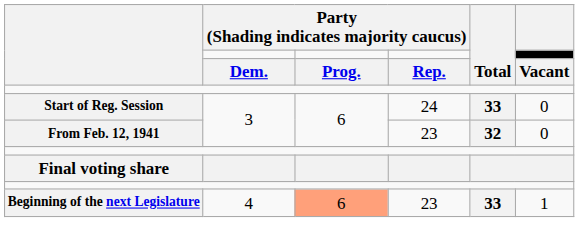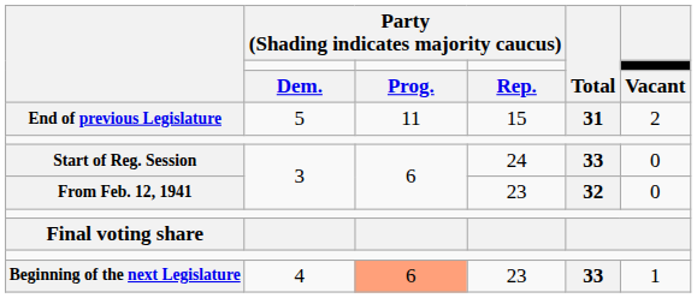 <table class=wikitable style="text-align:center">
 <tr style="vertical-align:bottom;">
 <th rowspan=3></th>
 <th colspan=3>Party <div>(Shading indicates majority caucus)</div></th>
 <th rowspan=3>Total</th>
 <th></th>
 </tr>
 <tr style="height:5px">
 <td style="background-color:"></td>
 <td style="background-color:"></td>
 <td style="background-color:"></td>
 <td style="background:black;"></td>
 </tr>
 <tr>
 <th><a href='#'>Dem.</a></th>
 <th><a href='#'>Prog.</a></th>
 <th><a href='#'>Rep.</a></th>
 <th>Vacant</th>
+</tr>
+<tr>
+<th style="font-size:80%;">End of <a href='#'>previous Legislature</a></th>
+<td>5</td>
+<td>11</td>
+<td>15</td>
+<th>31</th>
+<td>2</td>
 </tr>
 <tr>
 <td colspan=6></td>
 </tr>
 <tr>
 <th style="font-size:80%;">Start of Reg. Session</th>
 <td rowspan="2">3</td>
 <td rowspan="2">6</td>
 <td>24</td>
 <th>33</th>
 <td>0</td>
 </tr>
 <tr>
 <th style="font-size:80%;">From Feb. 12, 1941</th>
 <td>23</td>
 <th>32</th>
 <td>0</td>
 </tr>
 <tr>
 <td colspan=6></td>
 </tr>
 <tr>
 <th>Final voting share</th>
 <th></th>
 <th></th>
 <th></th>
 <th colspan=2></th>
 </tr>
 <tr>
 <td colspan=6></td>
 </tr>
 <tr>
 <th style="font-size:80%;">Beginning of the <a href='#'>next Legislature</a></th>
 <td>4</td>
 <td style="background: lightsalmon;">6</td>
 <td>23</td>
 <th>33</th>
 <td>1</td>
 </tr>
 </table>
